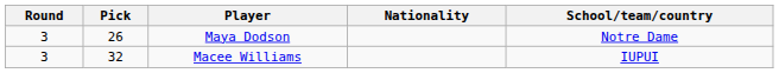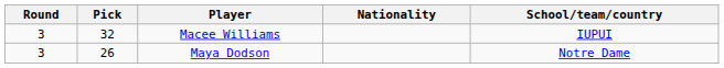 <table class="wikitable" style="text-align:center; width:60em">
 <tr>
 <th>Round</th>
 <th>Pick</th>
 <th>Player</th>
 <th>Nationality</th>
 <th>School/team/country</th>
 </tr>
 <tr>
 <td>3</td>
+<td>32</td>
+<td><a href='#'>Macee Williams</a></td>
+<td></td>
+<td><a href='#'>IUPUI</a></td>
+</tr>
+<tr>
+<td>3</td>
 <td>26</td>
 <td><a href='#'>Maya Dodson</a></td>
 <td></td>
 <td><a href='#'>Notre Dame</a></td>
 </tr>
-<tr>
-<td>3</td>
-<td>32</td>
-<td><a href='#'>Macee Williams</a></td>
-<td></td>
-<td><a href='#'>IUPUI</a></td>
-</tr>
 </table>
